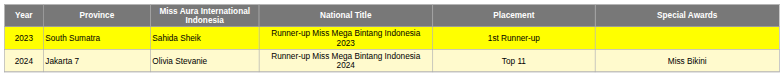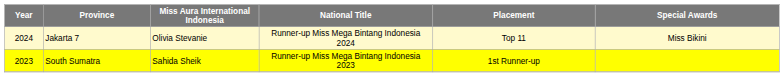 <table class="wikitable sortable" style="font-size: 83%; text-align:center">
 <tr>
 <th width="60" style="background-color:#787878;color:#FFFFFF;">Year</th>
 <th width="180" style="background-color:#787878;color:#FFFFFF;">Province</th>
 <th width="180" style="background-color:#787878;color:#FFFFFF;">Miss Aura International Indonesia</th>
 <th width="300" style="background-color:#787878;color:#FFFFFF;">National Title</th>
 <th width="280" style="background-color:#787878;color:#FFFFFF;">Placement</th>
 <th width="320" style="background-color:#787878;color:#FFFFFF;">Special Awards</th>
 </tr>
+<tr style="background:#FFFACD">
+<td>2024</td>
+<td align="left">Jakarta 7</td>
+<td align="left">Olivia Stevanie</td>
+<td>Runner-up Miss Mega Bintang Indonesia 2024</td>
+<td>Top 11</td>
+<td>Miss Bikini</td>
+</tr>
 <tr style="background-color:#FFFF00">
 <td>2023</td>
 <td align="left">South Sumatra</td>
 <td align="left">Sahida Sheik</td>
 <td>Runner-up Miss Mega Bintang Indonesia 2023</td>
 <td>1st Runner-up</td>
 <td></td>
 </tr>
-<tr style="background:#FFFACD">
-<td>2024</td>
-<td align="left">Jakarta 7</td>
-<td align="left">Olivia Stevanie</td>
-<td>Runner-up Miss Mega Bintang Indonesia 2024</td>
-<td>Top 11</td>
-<td>Miss Bikini</td>
-</tr>
 <tr>
 </tr>
 </table>
